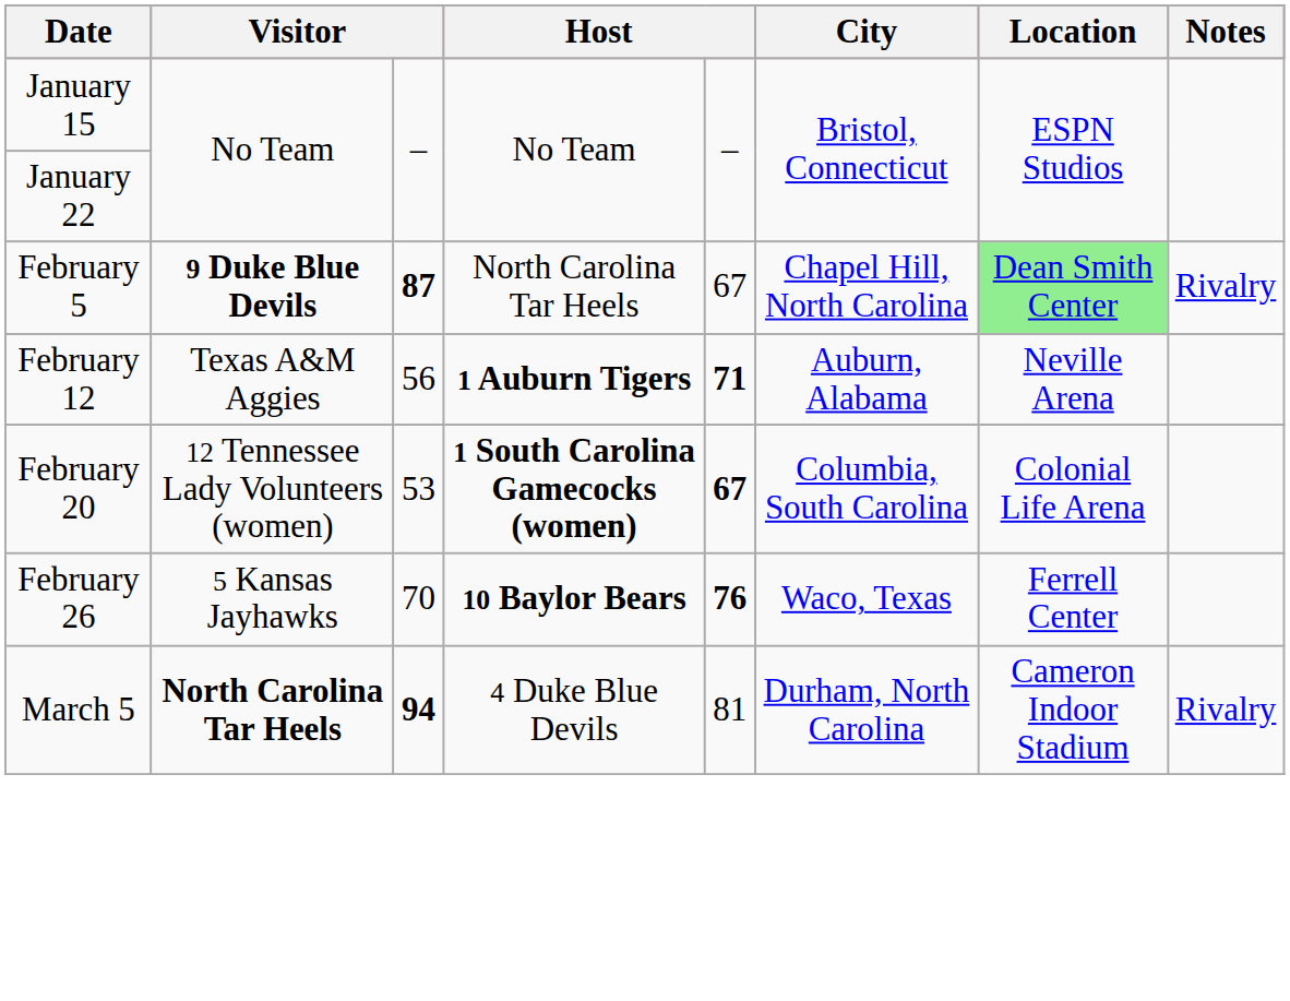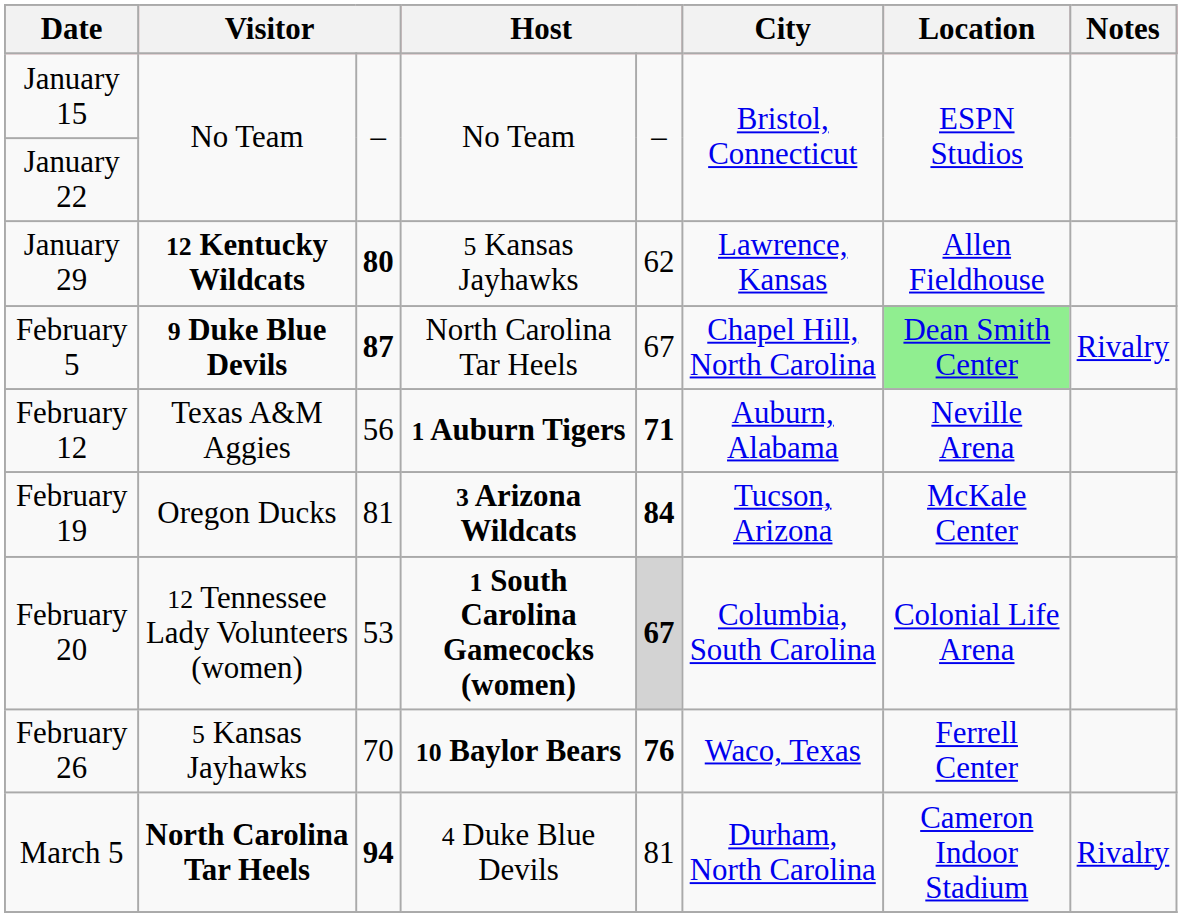 <table class="wikitable" style="text-align:center">
 <tr style="background:#A32638;"|>
 <th>Date</th>
 <th colspan=2>Visitor</th>
 <th colspan=2>Host</th>
 <th>City</th>
 <th>Location</th>
 <th>Notes</th>
 </tr>
 <tr>
 <td>January 15</td>
 <td rowspan="2">No Team</td>
 <td rowspan="2">–</td>
 <td rowspan="2">No Team</td>
 <td rowspan="2">–</td>
 <td rowspan="2"><a href='#'>Bristol, Connecticut</a></td>
 <td rowspan="2"><a href='#'>ESPN Studios</a></td>
 <td rowspan="2"></td>
 </tr>
 <tr>
 <td>January 22</td>
 </tr>
 <tr>
+<td>January 29</td>
+<td><strong><small>12</small> Kentucky Wildcats</strong></td>
+<td><strong>80</strong></td>
+<td><small>5</small> Kansas Jayhawks</td>
+<td>62</td>
+<td><a href='#'>Lawrence, Kansas</a></td>
+<td><a href='#'>Allen Fieldhouse</a></td>
+<td></td>
+</tr>
+<tr>
 <td>February 5</td>
 <td><strong><small>9</small> Duke Blue Devils</strong></td>
 <td><strong>87</strong></td>
 <td>North Carolina Tar Heels</td>
 <td>67</td>
 <td><a href='#'>Chapel Hill, North Carolina</a></td>
 <td style="background: lightgreen;"><a href='#'>Dean Smith Center</a></td>
 <td><a href='#'>Rivalry</a></td>
 </tr>
 <tr>
 <td>February 12</td>
 <td>Texas A&M Aggies</td>
 <td>56</td>
 <td><strong><small>1</small> Auburn Tigers</strong></td>
 <td><strong>71</strong></td>
 <td><a href='#'>Auburn, Alabama</a></td>
 <td><a href='#'>Neville Arena</a></td>
 <td></td>
 </tr>
 <tr>
+<td>February 19</td>
+<td>Oregon Ducks</td>
+<td>81</td>
+<td><strong><small>3</small> Arizona Wildcats</strong></td>
+<td><strong>84</strong></td>
+<td><a href='#'>Tucson, Arizona</a></td>
+<td><a href='#'>McKale Center</a></td>
+<td></td>
+</tr>
+<tr>
 <td>February 20</td>
 <td><small>12</small> Tennessee Lady Volunteers (women)</td>
 <td>53</td>
 <td><strong><small>1</small> South Carolina Gamecocks (women)</strong></td>
-<td><strong>67</strong></td>
+<td style="background: lightgrey;"><strong>67</strong></td>
 <td><a href='#'>Columbia, South Carolina</a></td>
 <td><a href='#'>Colonial Life Arena</a></td>
 <td></td>
 </tr>
 <tr>
 <td>February 26</td>
 <td><small>5</small> Kansas Jayhawks</td>
 <td>70</td>
 <td><strong><small>10</small> Baylor Bears</strong></td>
 <td><strong>76</strong></td>
 <td><a href='#'>Waco, Texas</a></td>
 <td><a href='#'>Ferrell Center</a></td>
 <td></td>
 </tr>
 <tr>
 <td>March 5</td>
 <td><strong>North Carolina Tar Heels</strong></td>
 <td><strong>94</strong></td>
 <td><small>4</small> Duke Blue Devils</td>
 <td>81</td>
 <td><a href='#'>Durham, North Carolina</a></td>
 <td><a href='#'>Cameron Indoor Stadium</a></td>
 <td><a href='#'>Rivalry</a></td>
 </tr>
 <tr>
 </tr>
 </table>
